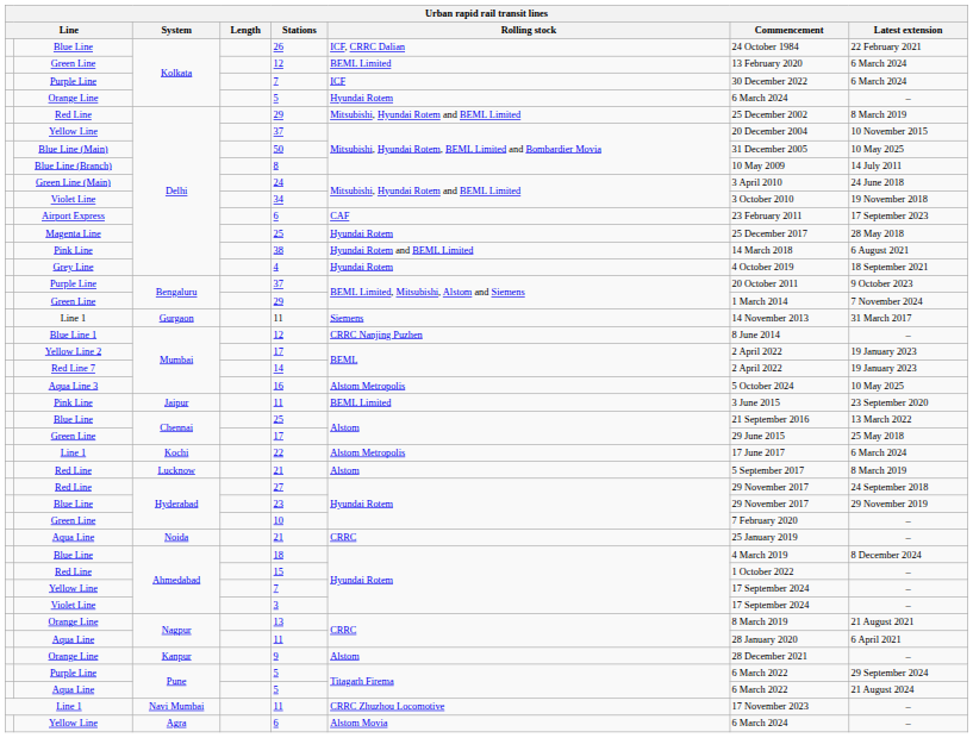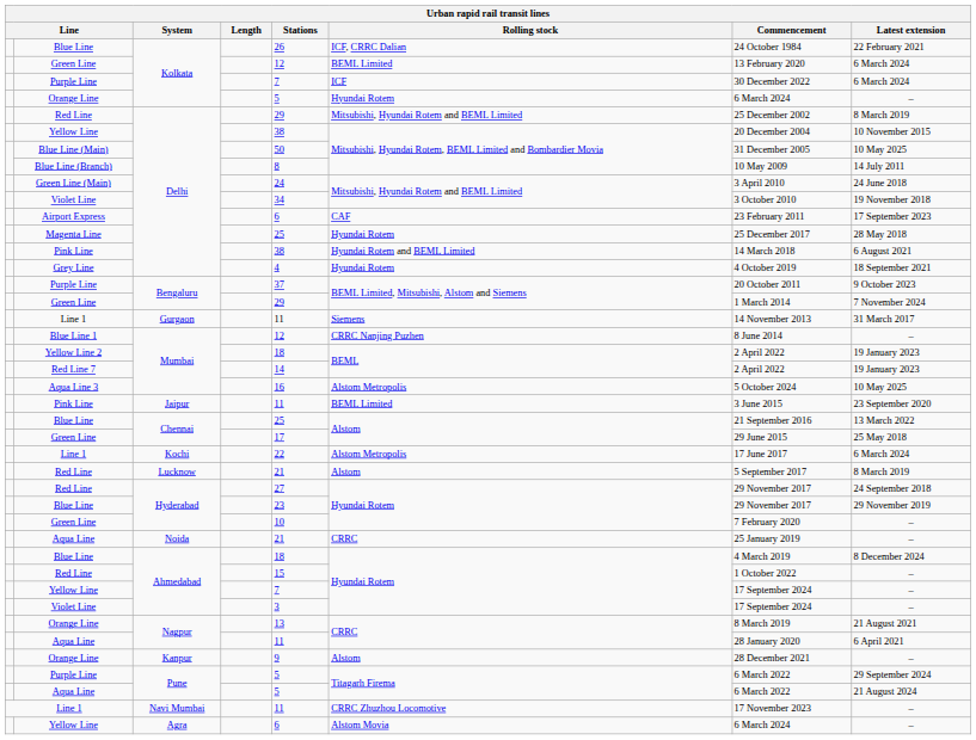 <table class="wikitable sortable collapsible" style="width:100%; text-align: center; font-size:small">
 <tr>
 <th colspan="9">Urban rapid rail transit lines</th>
 </tr>
 <tr>
 <th colspan="2" scope="col" class="unsortable">Line</th>
 <th scope="col">System</th>
 <th scope="col">Length</th>
 <th scope="col">Stations</th>
 <th scope="col">Rolling stock</th>
 <th scope="col" data-sort-type=date>Commencement</th>
 <th scope="col" data-sort-type=date>Latest extension</th>
 </tr>
 <tr>
 <td style="width:5px; background:#"></td>
 <td><a href='#'>Blue Line</a></td>
 <td rowspan="4"><a href='#'>Kolkata</a></td>
 <td style="text-align:left"></td>
 <td style="text-align:left"><a href='#'>26</a></td>
 <td style="text-align:left"><a href='#'>ICF</a>, <a href='#'>CRRC Dalian</a></td>
 <td style="text-align:left">24 October 1984</td>
 <td style="text-align:left">22 February 2021</td>
 </tr>
 <tr>
 <td style="width:5px; background:#"></td>
 <td><a href='#'>Green Line</a></td>
 <td style="text-align:left"></td>
 <td style="text-align:left"><a href='#'>12</a></td>
 <td style="text-align:left"><a href='#'>BEML Limited</a></td>
 <td style="text-align:left">13 February 2020</td>
 <td style="text-align:left">6 March 2024</td>
 </tr>
 <tr>
 <td style="width:5px; background:#"></td>
 <td><a href='#'>Purple Line</a></td>
 <td style="text-align:left"></td>
 <td style="text-align:left"><a href='#'>7</a></td>
 <td style="text-align:left"><a href='#'>ICF</a></td>
 <td style="text-align:left">30 December 2022</td>
 <td style="text-align:left">6 March 2024</td>
 </tr>
 <tr>
 <td style="width:5px; background:#"></td>
 <td><a href='#'>Orange Line</a></td>
 <td style="text-align:left"></td>
 <td style="text-align:left"><a href='#'>5</a></td>
 <td style="text-align:left"><a href='#'>Hyundai Rotem</a></td>
 <td style="text-align:left">6 March 2024</td>
 <td>–</td>
 </tr>
 <tr>
 <td style="width:5px;background:#"></td>
 <td><a href='#'>Red Line</a></td>
 <td rowspan="10"><a href='#'>Delhi</a></td>
 <td style="text-align:left"></td>
 <td style="text-align:left"><a href='#'>29</a></td>
 <td style="text-align:left"><a href='#'>Mitsubishi</a>, <a href='#'>Hyundai Rotem</a> and <a href='#'>BEML Limited</a></td>
 <td style="text-align:left">25 December 2002</td>
 <td style="text-align:left">8 March 2019</td>
 </tr>
 <tr>
 <td style="width:5px;background:#"></td>
 <td><a href='#'>Yellow Line</a></td>
 <td style="text-align:left"></td>
-<td style="text-align:left"><a href='#'>37</a></td>
+<td style="text-align:left"><a href='#'>38</a></td>
 <td rowspan=3 style="text-align:left"><a href='#'>Mitsubishi</a>, <a href='#'>Hyundai Rotem</a>, <a href='#'>BEML Limited</a> and <a href='#'>Bombardier Movia</a></td>
 <td style="text-align:left">20 December 2004</td>
 <td style="text-align:left">10 November 2015</td>
 </tr>
 <tr>
 <td rowspan=2 style="width:5px;background:#"></td>
 <td><a href='#'>Blue Line (Main)</a></td>
 <td style="text-align:left"></td>
 <td style="text-align:left"><a href='#'>50</a></td>
 <td style="text-align:left">31 December 2005</td>
 <td style="text-align:left">10 May 2025</td>
 </tr>
 <tr>
 <td><a href='#'>Blue Line (Branch)</a></td>
 <td style="text-align:left"></td>
 <td style="text-align:left"><a href='#'>8</a></td>
 <td style="text-align:left">10 May 2009</td>
 <td style="text-align:left">14 July 2011</td>
 </tr>
 <tr>
 <td style="width:5px;background:#"></td>
 <td><a href='#'>Green Line (Main)</a></td>
 <td style="text-align:left"></td>
 <td style="text-align:left"><a href='#'>24</a></td>
 <td rowspan="2" style="text-align:left"><a href='#'>Mitsubishi</a>, <a href='#'>Hyundai Rotem</a> and <a href='#'>BEML Limited</a></td>
 <td style="text-align:left">3 April 2010</td>
 <td style="text-align:left">24 June 2018</td>
 </tr>
 <tr>
 <td style="width:5px;background:#"></td>
 <td><a href='#'>Violet Line</a></td>
 <td style="text-align:left"></td>
 <td style="text-align:left"><a href='#'>34</a></td>
 <td style="text-align:left">3 October 2010</td>
 <td style="text-align:left">19 November 2018</td>
 </tr>
 <tr>
 <td style="width:5px;background:#"></td>
 <td><a href='#'>Airport Express</a></td>
 <td style="text-align:left"></td>
 <td style="text-align:left"><a href='#'>6</a></td>
 <td style="text-align:left"><a href='#'>CAF</a></td>
 <td style="text-align:left">23 February 2011</td>
 <td style="text-align:left">17 September 2023</td>
 </tr>
 <tr>
 <td style="width:5px;background:#"></td>
 <td><a href='#'>Magenta Line</a></td>
 <td style="text-align:left"></td>
 <td style="text-align:left"><a href='#'>25</a></td>
 <td style="text-align:left"><a href='#'>Hyundai Rotem</a></td>
 <td style="text-align:left">25 December 2017</td>
 <td style="text-align:left">28 May 2018</td>
 </tr>
 <tr>
 <td style="width:5px;background:#"></td>
 <td><a href='#'>Pink Line</a></td>
 <td style="text-align:left"></td>
 <td style="text-align:left"><a href='#'>38</a></td>
 <td style="text-align:left"><a href='#'>Hyundai Rotem</a> and <a href='#'>BEML Limited</a></td>
 <td style="text-align:left">14 March 2018</td>
 <td style="text-align:left">6 August 2021</td>
 </tr>
 <tr>
 <td style="width:5px;background:#"></td>
 <td><a href='#'>Grey Line</a></td>
 <td style="text-align:left"></td>
 <td style="text-align:left"><a href='#'>4</a></td>
 <td style="text-align:left"><a href='#'>Hyundai Rotem</a></td>
 <td style="text-align:left">4 October 2019</td>
 <td style="text-align:left">18 September 2021</td>
 </tr>
 <tr>
 <td style="width:5px;background:#"></td>
 <td><a href='#'>Purple Line</a></td>
 <td rowspan="2"><a href='#'>Bengaluru</a></td>
 <td style="text-align:left"></td>
 <td style="text-align:left"><a href='#'>37</a></td>
 <td rowspan=2 style="text-align:left"><a href='#'>BEML Limited</a>, <a href='#'>Mitsubishi</a>, <a href='#'>Alstom</a> and <a href='#'>Siemens</a></td>
 <td style="text-align:left">20 October 2011</td>
 <td style="text-align:left">9 October 2023</td>
 </tr>
 <tr>
 <td style="width:5px; background:#"></td>
 <td><a href='#'>Green Line</a></td>
 <td style="text-align:left"></td>
 <td style="text-align:left"><a href='#'>29</a></td>
 <td style="text-align:left">1 March 2014</td>
 <td style="text-align:left">7 November 2024</td>
 </tr>
 <tr>
 <td style="width:5px;background:#"></td>
 <td> Line 1</td>
 <td><a href='#'>Gurgaon</a></td>
 <td style="text-align:left"></td>
 <td style="text-align:left">11</td>
 <td style="text-align:left"><a href='#'>Siemens</a></td>
 <td style="text-align:left">14 November 2013</td>
 <td style="text-align:left">31 March 2017</td>
 </tr>
 <tr>
 <td style="width:5px; background:#"></td>
 <td><a href='#'>Blue Line 1</a></td>
 <td rowspan="4"><a href='#'>Mumbai</a></td>
 <td style="text-align:left"></td>
 <td style="text-align:left"><a href='#'>12</a></td>
 <td style="text-align:left"><a href='#'>CRRC Nanjing Puzhen</a></td>
 <td style="text-align:left">8 June 2014</td>
 <td>–</td>
 </tr>
 <tr>
 <td style="width:5px;background:#"></td>
 <td><a href='#'>Yellow Line 2</a></td>
 <td style="text-align:left"></td>
-<td style="text-align:left"><a href='#'>17</a></td>
+<td style="text-align:left"><a href='#'>18</a></td>
 <td rowspan="2" style="text-align:left"><a href='#'>BEML</a></td>
 <td style="text-align:left">2 April 2022</td>
 <td style="text-align:left">19 January 2023</td>
 </tr>
 <tr>
 <td style="width:5px; background:#"></td>
 <td><a href='#'>Red Line 7</a></td>
 <td style="text-align:left"></td>
 <td style="text-align:left"><a href='#'>14</a></td>
 <td style="text-align:left">2 April 2022</td>
 <td style="text-align:left">19 January 2023</td>
 </tr>
 <tr>
 <td style="width:5px; background:#"></td>
 <td><a href='#'>Aqua Line 3</a></td>
 <td style="text-align:left"></td>
 <td style="text-align:left"><a href='#'>16</a></td>
 <td style="text-align:left"><a href='#'>Alstom Metropolis</a></td>
 <td style="text-align:left">5 October 2024</td>
 <td style="text-align:left">10 May 2025</td>
 </tr>
 <tr>
 <td style="width:5px;background:#"></td>
 <td><a href='#'>Pink Line</a></td>
 <td><a href='#'>Jaipur</a></td>
 <td style="text-align:left"></td>
 <td style="text-align:left"><a href='#'>11</a></td>
 <td style="text-align:left"><a href='#'>BEML Limited</a></td>
 <td style="text-align:left">3 June 2015</td>
 <td style="text-align:left">23 September 2020</td>
 </tr>
 <tr>
 <td style="width:5px;background:#"></td>
 <td><a href='#'>Blue Line</a></td>
 <td rowspan="2"><a href='#'>Chennai</a></td>
 <td style="text-align:left"></td>
 <td style="text-align:left"><a href='#'>25</a></td>
 <td rowspan="2" style="text-align:left"><a href='#'>Alstom</a></td>
 <td style="text-align:left">21 September 2016</td>
 <td style="text-align:left">13 March 2022</td>
 </tr>
 <tr>
 <td style="width:5px;background:#"></td>
 <td><a href='#'>Green Line</a></td>
 <td style="text-align:left"></td>
 <td style="text-align:left"><a href='#'>17</a></td>
 <td style="text-align:left">29 June 2015</td>
 <td style="text-align:left">25 May 2018</td>
 </tr>
 <tr>
 <td style="width:5px;background:#"></td>
 <td><a href='#'>Line 1</a></td>
 <td><a href='#'>Kochi</a></td>
 <td style="text-align:left"></td>
 <td style="text-align:left"><a href='#'>22</a></td>
 <td style="text-align:left"><a href='#'>Alstom Metropolis</a></td>
 <td style="text-align:left">17 June 2017</td>
 <td style="text-align:left">6 March 2024</td>
 </tr>
 <tr>
 <td style="width:5px; background:#"></td>
 <td><a href='#'>Red Line</a></td>
 <td><a href='#'>Lucknow</a></td>
 <td style="text-align:left"></td>
 <td style="text-align:left"><a href='#'>21</a></td>
 <td style="text-align:left"><a href='#'>Alstom</a></td>
 <td style="text-align:left">5 September 2017</td>
 <td style="text-align:left">8 March 2019</td>
 </tr>
 <tr>
 <td style="width:5px;background:#"></td>
 <td><a href='#'>Red Line</a></td>
 <td rowspan="3"><a href='#'>Hyderabad</a></td>
 <td style="text-align:left"></td>
 <td style="text-align:left"><a href='#'>27</a></td>
 <td rowspan=3 style="text-align:left"><a href='#'>Hyundai Rotem</a></td>
 <td style="text-align:left">29 November 2017</td>
 <td style="text-align:left">24 September 2018</td>
 </tr>
 <tr>
 <td style="width:5px;background:#"></td>
 <td><a href='#'>Blue Line</a></td>
 <td style="text-align:left"></td>
 <td style="text-align:left"><a href='#'>23</a></td>
 <td style="text-align:left">29 November 2017</td>
 <td style="text-align:left">29 November 2019</td>
 </tr>
 <tr>
 <td style="width:5px;background:#"></td>
 <td><a href='#'>Green Line</a></td>
 <td style="text-align:left"></td>
 <td style="text-align:left"><a href='#'>10</a></td>
 <td style="text-align:left">7 February 2020</td>
 <td>–</td>
 </tr>
 <tr>
 <td style="width:5px; background:#"></td>
 <td><a href='#'>Aqua Line</a></td>
 <td><a href='#'>Noida</a></td>
 <td style="text-align:left"></td>
 <td style="text-align:left"><a href='#'>21</a></td>
 <td style="text-align:left"><a href='#'>CRRC</a></td>
 <td style="text-align:left">25 January 2019</td>
 <td>–</td>
 </tr>
 <tr>
 <td style="width:5px; background:#"></td>
 <td><a href='#'>Blue Line</a></td>
 <td rowspan="4"><a href='#'>Ahmedabad</a></td>
 <td style="text-align:left"></td>
 <td style="text-align:left"><a href='#'>18</a></td>
 <td rowspan="4" style="text-align:left"><a href='#'>Hyundai Rotem</a></td>
 <td style="text-align:left">4 March 2019</td>
 <td style="text-align:left">8 December 2024</td>
 </tr>
 <tr>
 <td style="width:5px; background:	#"></td>
 <td><a href='#'>Red Line</a></td>
 <td style="text-align:left"></td>
 <td style="text-align:left"><a href='#'>15</a></td>
 <td style="text-align:left">1 October 2022</td>
 <td>–</td>
 </tr>
 <tr>
 <td style="width:5px; background:	#"></td>
 <td><a href='#'>Yellow Line</a></td>
 <td style="text-align:left"></td>
 <td style="text-align:left"><a href='#'>7</a></td>
 <td style="text-align:left">17 September 2024</td>
 <td>–</td>
 </tr>
 <tr>
 <td style="width:5px; background:	#"></td>
 <td><a href='#'>Violet Line</a></td>
 <td style="text-align:left"></td>
 <td style="text-align:left"><a href='#'>3</a></td>
 <td style="text-align:left">17 September 2024</td>
 <td>–</td>
 </tr>
 <tr>
 <td style="width:5px; background:#"></td>
 <td><a href='#'>Orange Line</a></td>
 <td rowspan="2"><a href='#'>Nagpur</a></td>
 <td style="text-align:left"></td>
 <td style="text-align:left"><a href='#'>13</a></td>
 <td rowspan=2 style="text-align:left"><a href='#'>CRRC</a></td>
 <td style="text-align:left">8 March 2019</td>
 <td style="text-align:left">21 August 2021</td>
 </tr>
 <tr>
 <td style="width:5px;background:#"></td>
 <td><a href='#'>Aqua Line</a></td>
 <td style="text-align:left"></td>
 <td style="text-align:left"><a href='#'>11</a></td>
 <td style="text-align:left">28 January 2020</td>
 <td style="text-align:left">6 April 2021</td>
 </tr>
 <tr>
 <td style="width:5px; background:#"></td>
 <td><a href='#'>Orange Line</a></td>
 <td><a href='#'>Kanpur</a></td>
 <td style="text-align:left"></td>
 <td style="text-align:left"><a href='#'>9</a></td>
 <td style="text-align:left"><a href='#'>Alstom</a></td>
 <td style="text-align:left">28 December 2021</td>
 <td>–</td>
 </tr>
 <tr>
 <td style="width:5px; background:#"></td>
 <td><a href='#'>Purple Line</a></td>
 <td rowspan="2"><a href='#'>Pune</a></td>
 <td style="text-align:left"></td>
 <td style="text-align:left"><a href='#'>5</a></td>
 <td rowspan=2 style="text-align:left"><a href='#'>Titagarh Firema</a></td>
 <td style="text-align:left">6 March 2022</td>
 <td style="text-align:left">29 September 2024</td>
 </tr>
 <tr>
 <td style="width:5px; background:#"></td>
 <td><a href='#'>Aqua Line</a></td>
 <td style="text-align:left"></td>
 <td style="text-align:left"><a href='#'>5</a></td>
 <td style="text-align:left">6 March 2022</td>
 <td style="text-align:left">21 August 2024</td>
 </tr>
 <tr>
 <td colspan=2><a href='#'>Line 1</a></td>
 <td><a href='#'>Navi Mumbai</a></td>
 <td style="text-align:left"></td>
 <td style="text-align:left"><a href='#'>11</a></td>
 <td style="text-align:left"><a href='#'>CRRC Zhuzhou Locomotive</a></td>
 <td style="text-align:left">17 November 2023</td>
 <td>–</td>
 </tr>
 <tr>
 <td style="width:5px; background:#"></td>
 <td><a href='#'>Yellow Line</a></td>
 <td><a href='#'>Agra</a></td>
 <td style="text-align:left"></td>
 <td style="text-align:left"><a href='#'>6</a></td>
 <td style="text-align:left"><a href='#'>Alstom Movia</a></td>
 <td style="text-align:left">6 March 2024</td>
 <td>–</td>
 </tr>
 </table>
